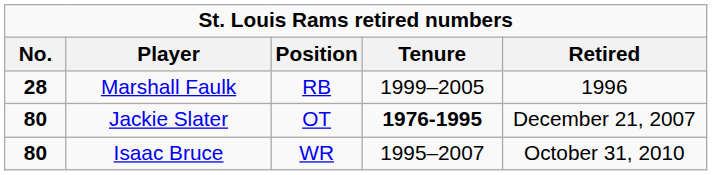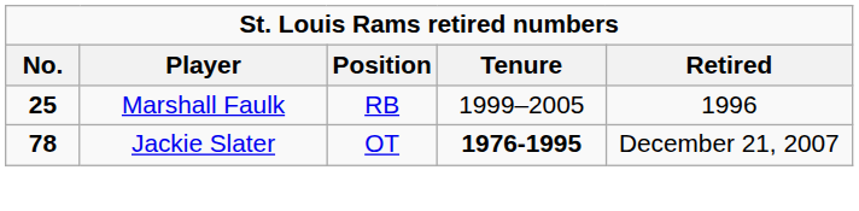 <table class="wikitable sortable" style="text-align:center">
 <tr>
 <td colspan="5"><strong>St. Louis Rams retired numbers</strong></td>
 </tr>
 <tr>
 <th style="width:40px; ">No.</th>
 <th style="width:150px; ">Player</th>
 <th style="width:40px; ">Position</th>
 <th style="width:100px; ">Tenure</th>
 <th style="width:150px; ">Retired</th>
 </tr>
 <tr>
-<td><strong>28</strong></td>
+<td><strong>25</strong></td>
 <td><a href='#'>Marshall Faulk</a></td>
 <td><a href='#'>RB</a></td>
 <td>1999–2005</td>
 <td>1996</td>
 </tr>
 <tr>
-<td><strong>80</strong></td>
+<td><strong>78</strong></td>
 <td><a href='#'>Jackie Slater</a></td>
 <td><a href='#'>OT</a></td>
 <td><strong>1976-1995</strong></td>
 <td>December 21, 2007</td>
 </tr>
-<tr>
-<td><strong>80</strong></td>
-<td><a href='#'>Isaac Bruce</a></td>
-<td><a href='#'>WR</a></td>
-<td>1995–2007</td>
-<td>October 31, 2010</td>
-</tr>
 </table>
